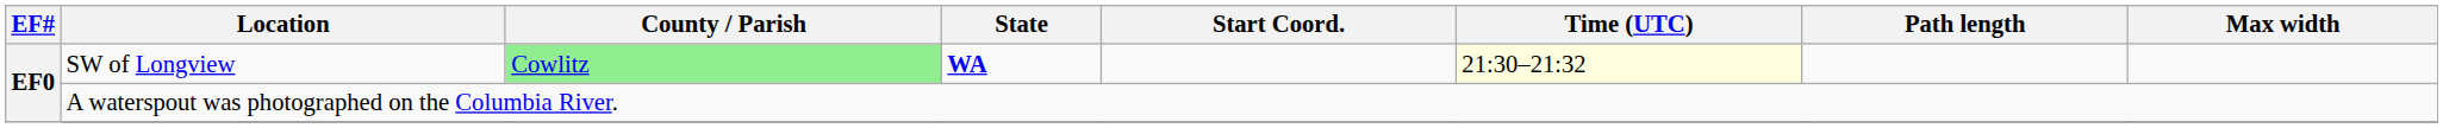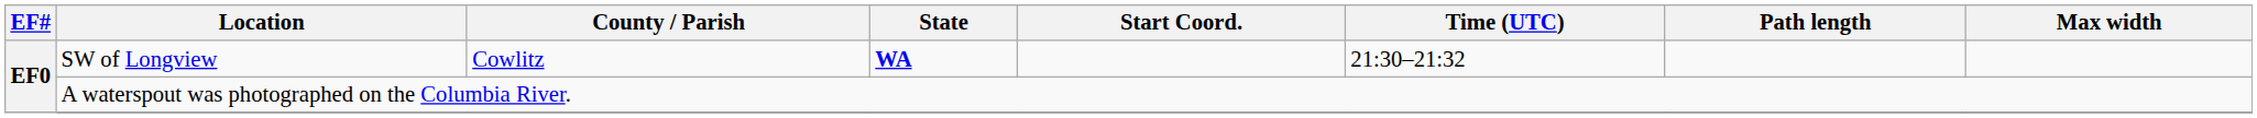 <table class="wikitable sortable" style="width:100%;">
 <tr>
 <th scope="col" width="2%" align="center"><a href='#'>EF#</a></th>
 <th scope="col" align="center" class="unsortable">Location</th>
 <th scope="col" align="center" class="unsortable">County / Parish</th>
 <th scope="col" align="center">State</th>
 <th scope="col" align="center">Start Coord.</th>
 <th scope="col" align="center">Time (<a href='#'>UTC</a>)</th>
 <th scope="col" align="center">Path length</th>
 <th scope="col" align="center">Max width</th>
 </tr>
 <tr>
 <th scope="row" rowspan="2" style="background-color:#">EF0</th>
 <td>SW of <a href='#'>Longview</a></td>
-<td style="background: lightgreen;"><a href='#'>Cowlitz</a></td>
+<td><a href='#'>Cowlitz</a></td>
 <td><strong><a href='#'>WA</a></strong></td>
 <td></td>
-<td style="background: lightyellow;">21:30–21:32</td>
+<td>21:30–21:32</td>
 <td></td>
 <td></td>
 </tr>
 <tr class="expand-child">
 <td colspan="8" style=" border-bottom: 1px solid black;">A waterspout was photographed on the <a href='#'>Columbia River</a>.</td>
 </tr>
 <tr>
 </tr>
 </table>
